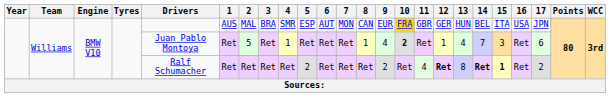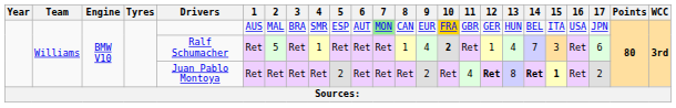 <table class="wikitable" style="text-align:center; font-size:95%">
 <tr>
 <th>Year</th>
 <th>Team</th>
 <th>Engine</th>
 <th>Tyres</th>
 <th>Drivers</th>
 <th>1</th>
 <th>2</th>
 <th>3</th>
 <th>4</th>
 <th>5</th>
 <th>6</th>
 <th>7</th>
 <th>8</th>
 <th>9</th>
 <th>10</th>
 <th>11</th>
 <th>12</th>
 <th>13</th>
 <th>14</th>
 <th>15</th>
 <th>16</th>
 <th>17</th>
 <th>Points</th>
 <th>WCC</th>
 </tr>
 <tr>
 <td rowspan="3"></td>
 <td rowspan="3"><a href='#'>Williams</a></td>
 <td rowspan="3"><a href='#'>BMW</a> <a href='#'>V10</a></td>
 <td rowspan="3"></td>
 <td></td>
 <td><a href='#'>AUS</a></td>
 <td><a href='#'>MAL</a></td>
 <td><a href='#'>BRA</a></td>
 <td><a href='#'>SMR</a></td>
 <td><a href='#'>ESP</a></td>
 <td><a href='#'>AUT</a></td>
-<td><a href='#'>MON</a></td>
+<td style="background: lightgreen;"><a href='#'>MON</a></td>
 <td><a href='#'>CAN</a></td>
 <td><a href='#'>EUR</a></td>
 <td style="background: gold;"><a href='#'>FRA</a></td>
 <td><a href='#'>GBR</a></td>
 <td><a href='#'>GER</a></td>
 <td><a href='#'>HUN</a></td>
 <td><a href='#'>BEL</a></td>
 <td><a href='#'>ITA</a></td>
 <td><a href='#'>USA</a></td>
 <td><a href='#'>JPN</a></td>
 <td rowspan="3" style="background:#FFDF9F;"><strong>80</strong></td>
 <td rowspan="3" style="background:#FFDF9F;"><strong>3rd</strong></td>
 </tr>
 <tr>
-<td> <a href='#'>Juan Pablo Montoya</a></td>
+<td> <a href='#'>Ralf Schumacher</a></td>
 <td style="background:#EFCFFF;">Ret</td>
 <td style="background:#DFFFDF;">5</td>
 <td style="background:#EFCFFF;">Ret</td>
 <td style="background:#FFFFBF;">1</td>
 <td style="background:#EFCFFF;">Ret</td>
 <td style="background:#EFCFFF;">Ret</td>
 <td style="background:#EFCFFF;">Ret</td>
 <td style="background:#FFFFBF;">1</td>
 <td style="background:#DFFFDF;">4</td>
 <td style="background:#DFDFDF;"><strong>2</strong></td>
 <td style="background:#EFCFFF;">Ret</td>
 <td style="background:#FFFFBF;">1</td>
 <td style="background:#DFFFDF;">4</td>
 <td style="background:#CFCFFF;">7</td>
 <td style="background:#FFDF9F;">3</td>
 <td style="background:#EFCFFF;">Ret</td>
 <td style="background:#DFFFDF;">6</td>
 </tr>
 <tr>
-<td> <a href='#'>Ralf Schumacher</a></td>
+<td> <a href='#'>Juan Pablo Montoya</a></td>
 <td style="background:#EFCFFF;">Ret</td>
 <td style="background:#EFCFFF;">Ret</td>
 <td style="background:#EFCFFF;">Ret</td>
 <td style="background:#EFCFFF;">Ret</td>
 <td style="background:#DFDFDF;">2</td>
 <td style="background:#EFCFFF;">Ret</td>
 <td style="background:#EFCFFF;">Ret</td>
 <td style="background:#EFCFFF;">Ret</td>
 <td style="background:#DFDFDF;">2</td>
 <td style="background:#EFCFFF;">Ret</td>
 <td style="background:#DFFFDF;">4</td>
 <td style="background:#EFCFFF;"><strong>Ret</strong></td>
 <td style="background:#CFCFFF;">8</td>
 <td style="background:#EFCFFF;"><strong>Ret</strong></td>
 <td style="background:#FFFFBF;"><strong>1</strong></td>
 <td style="background:#EFCFFF;">Ret</td>
 <td style="background:#DFDFDF;">2</td>
 </tr>
 <tr>
 <th colspan="24">Sources:</th>
 </tr>
 </table>
